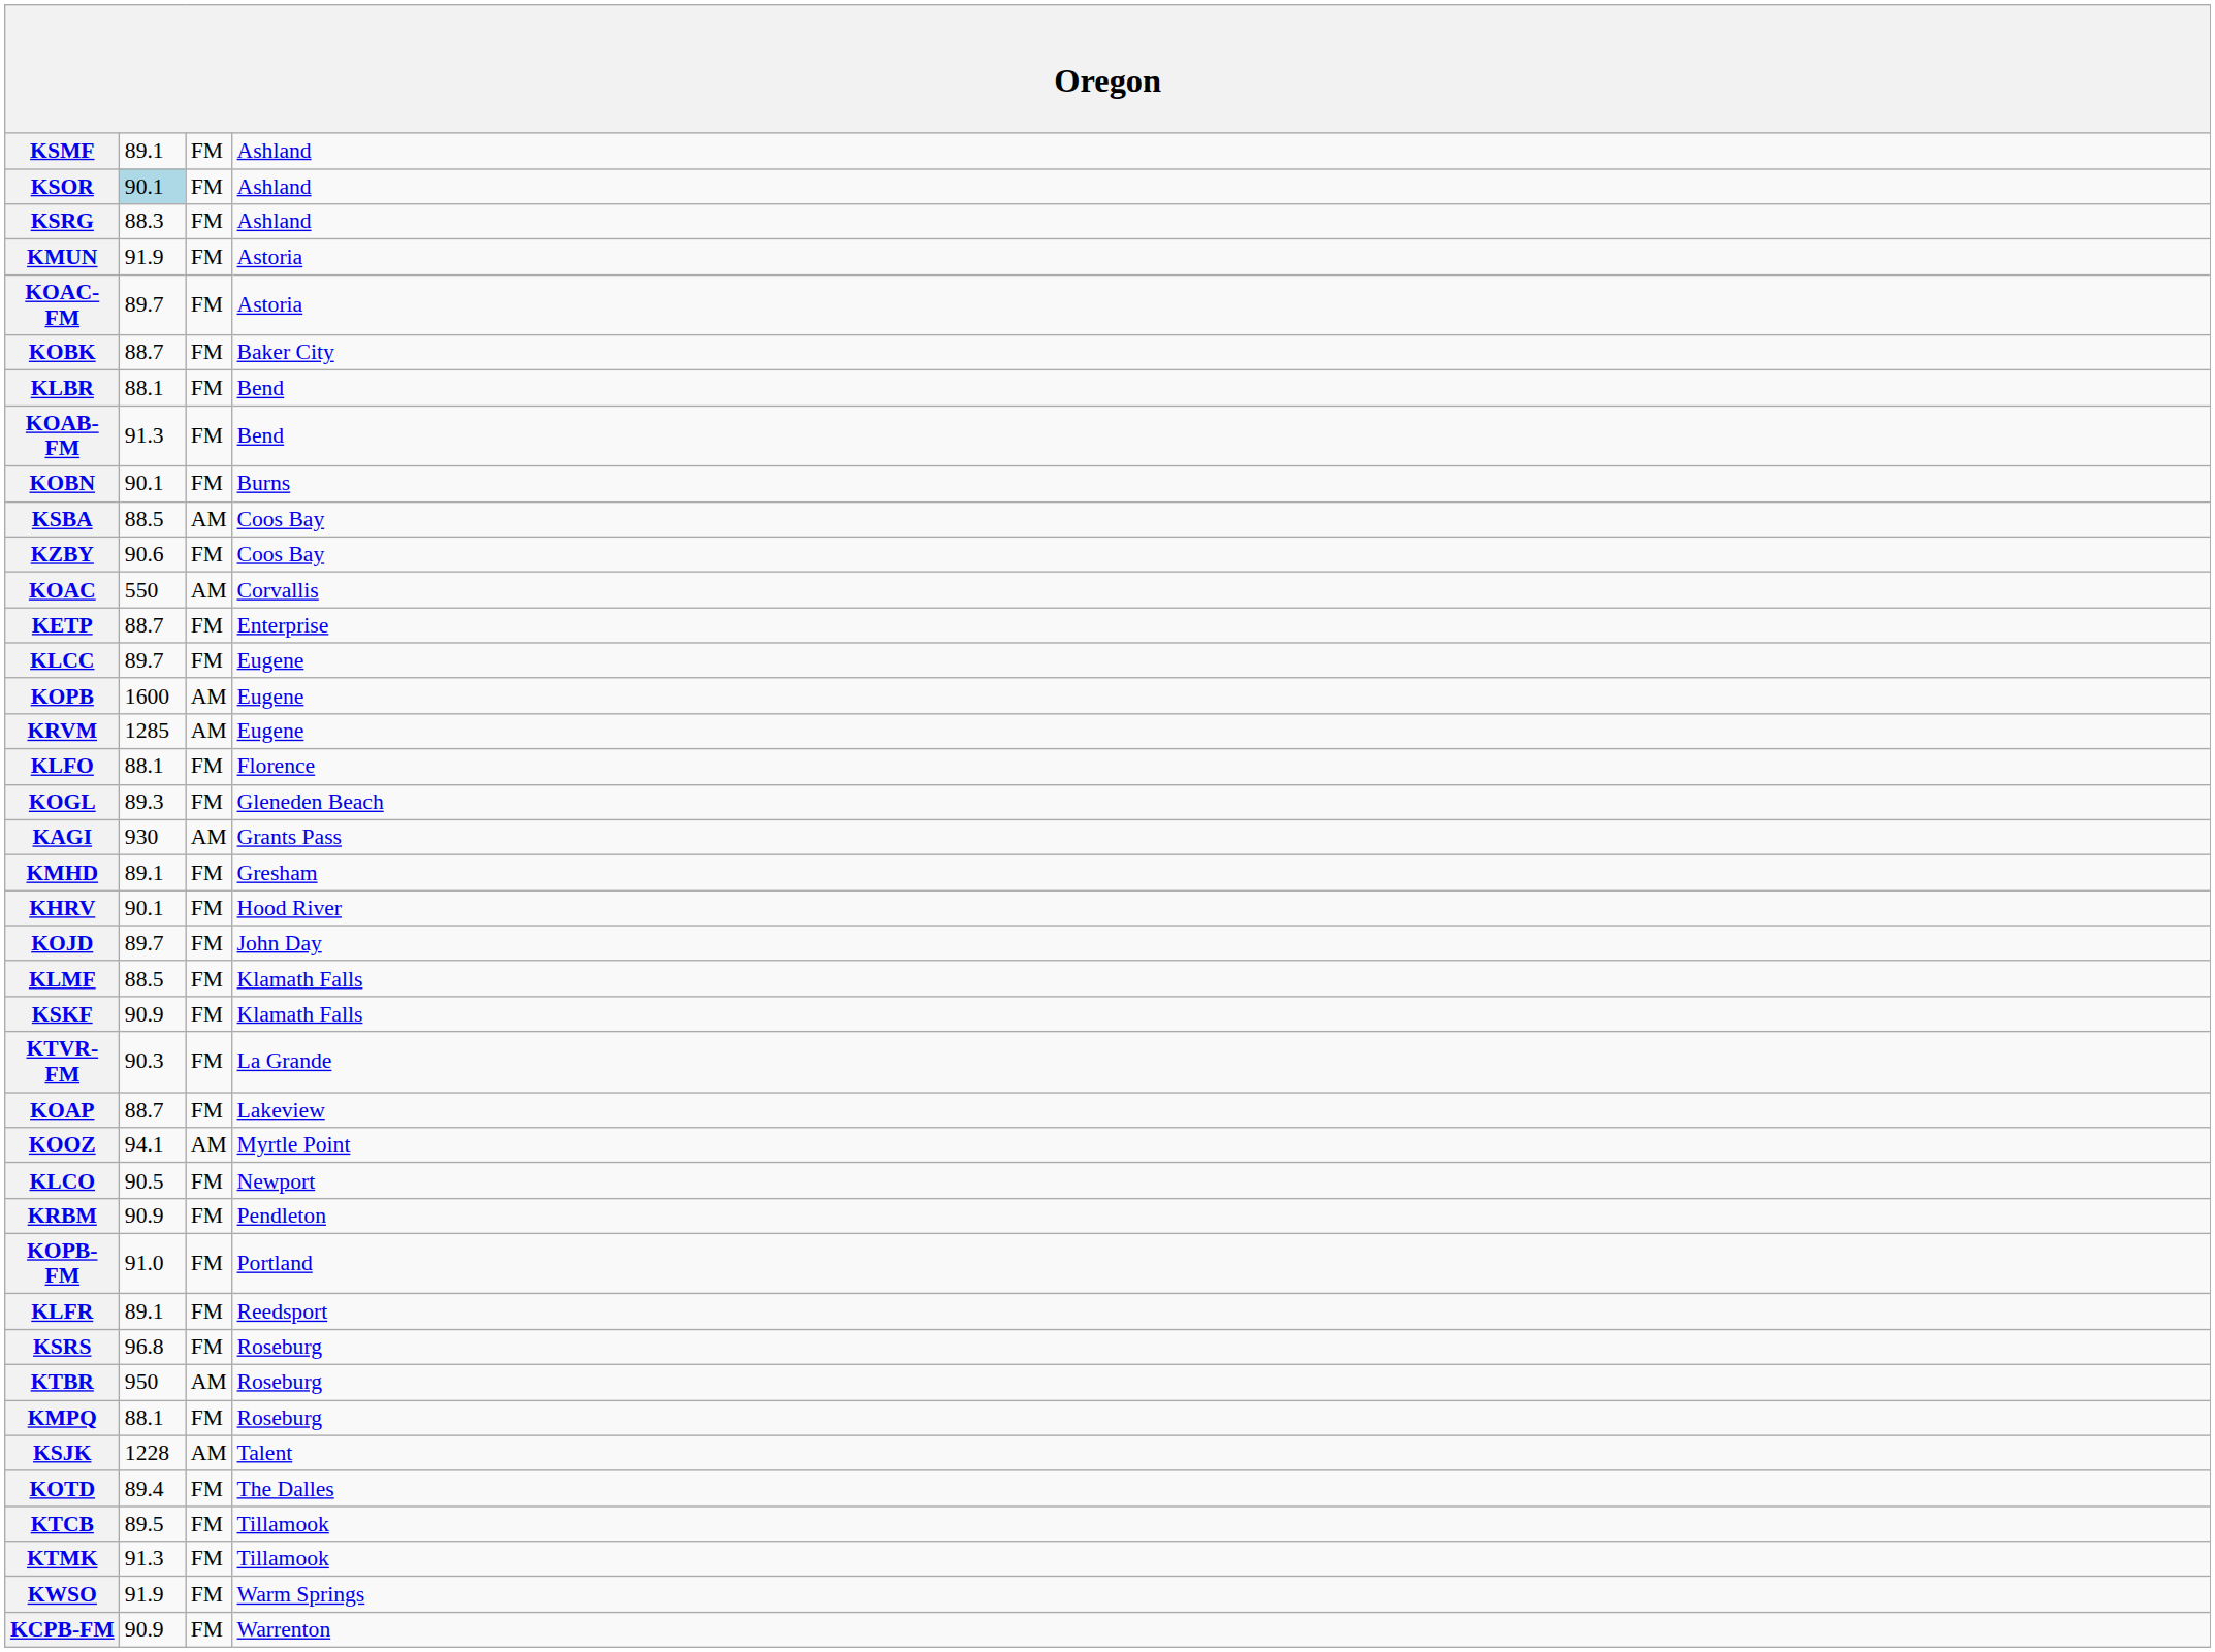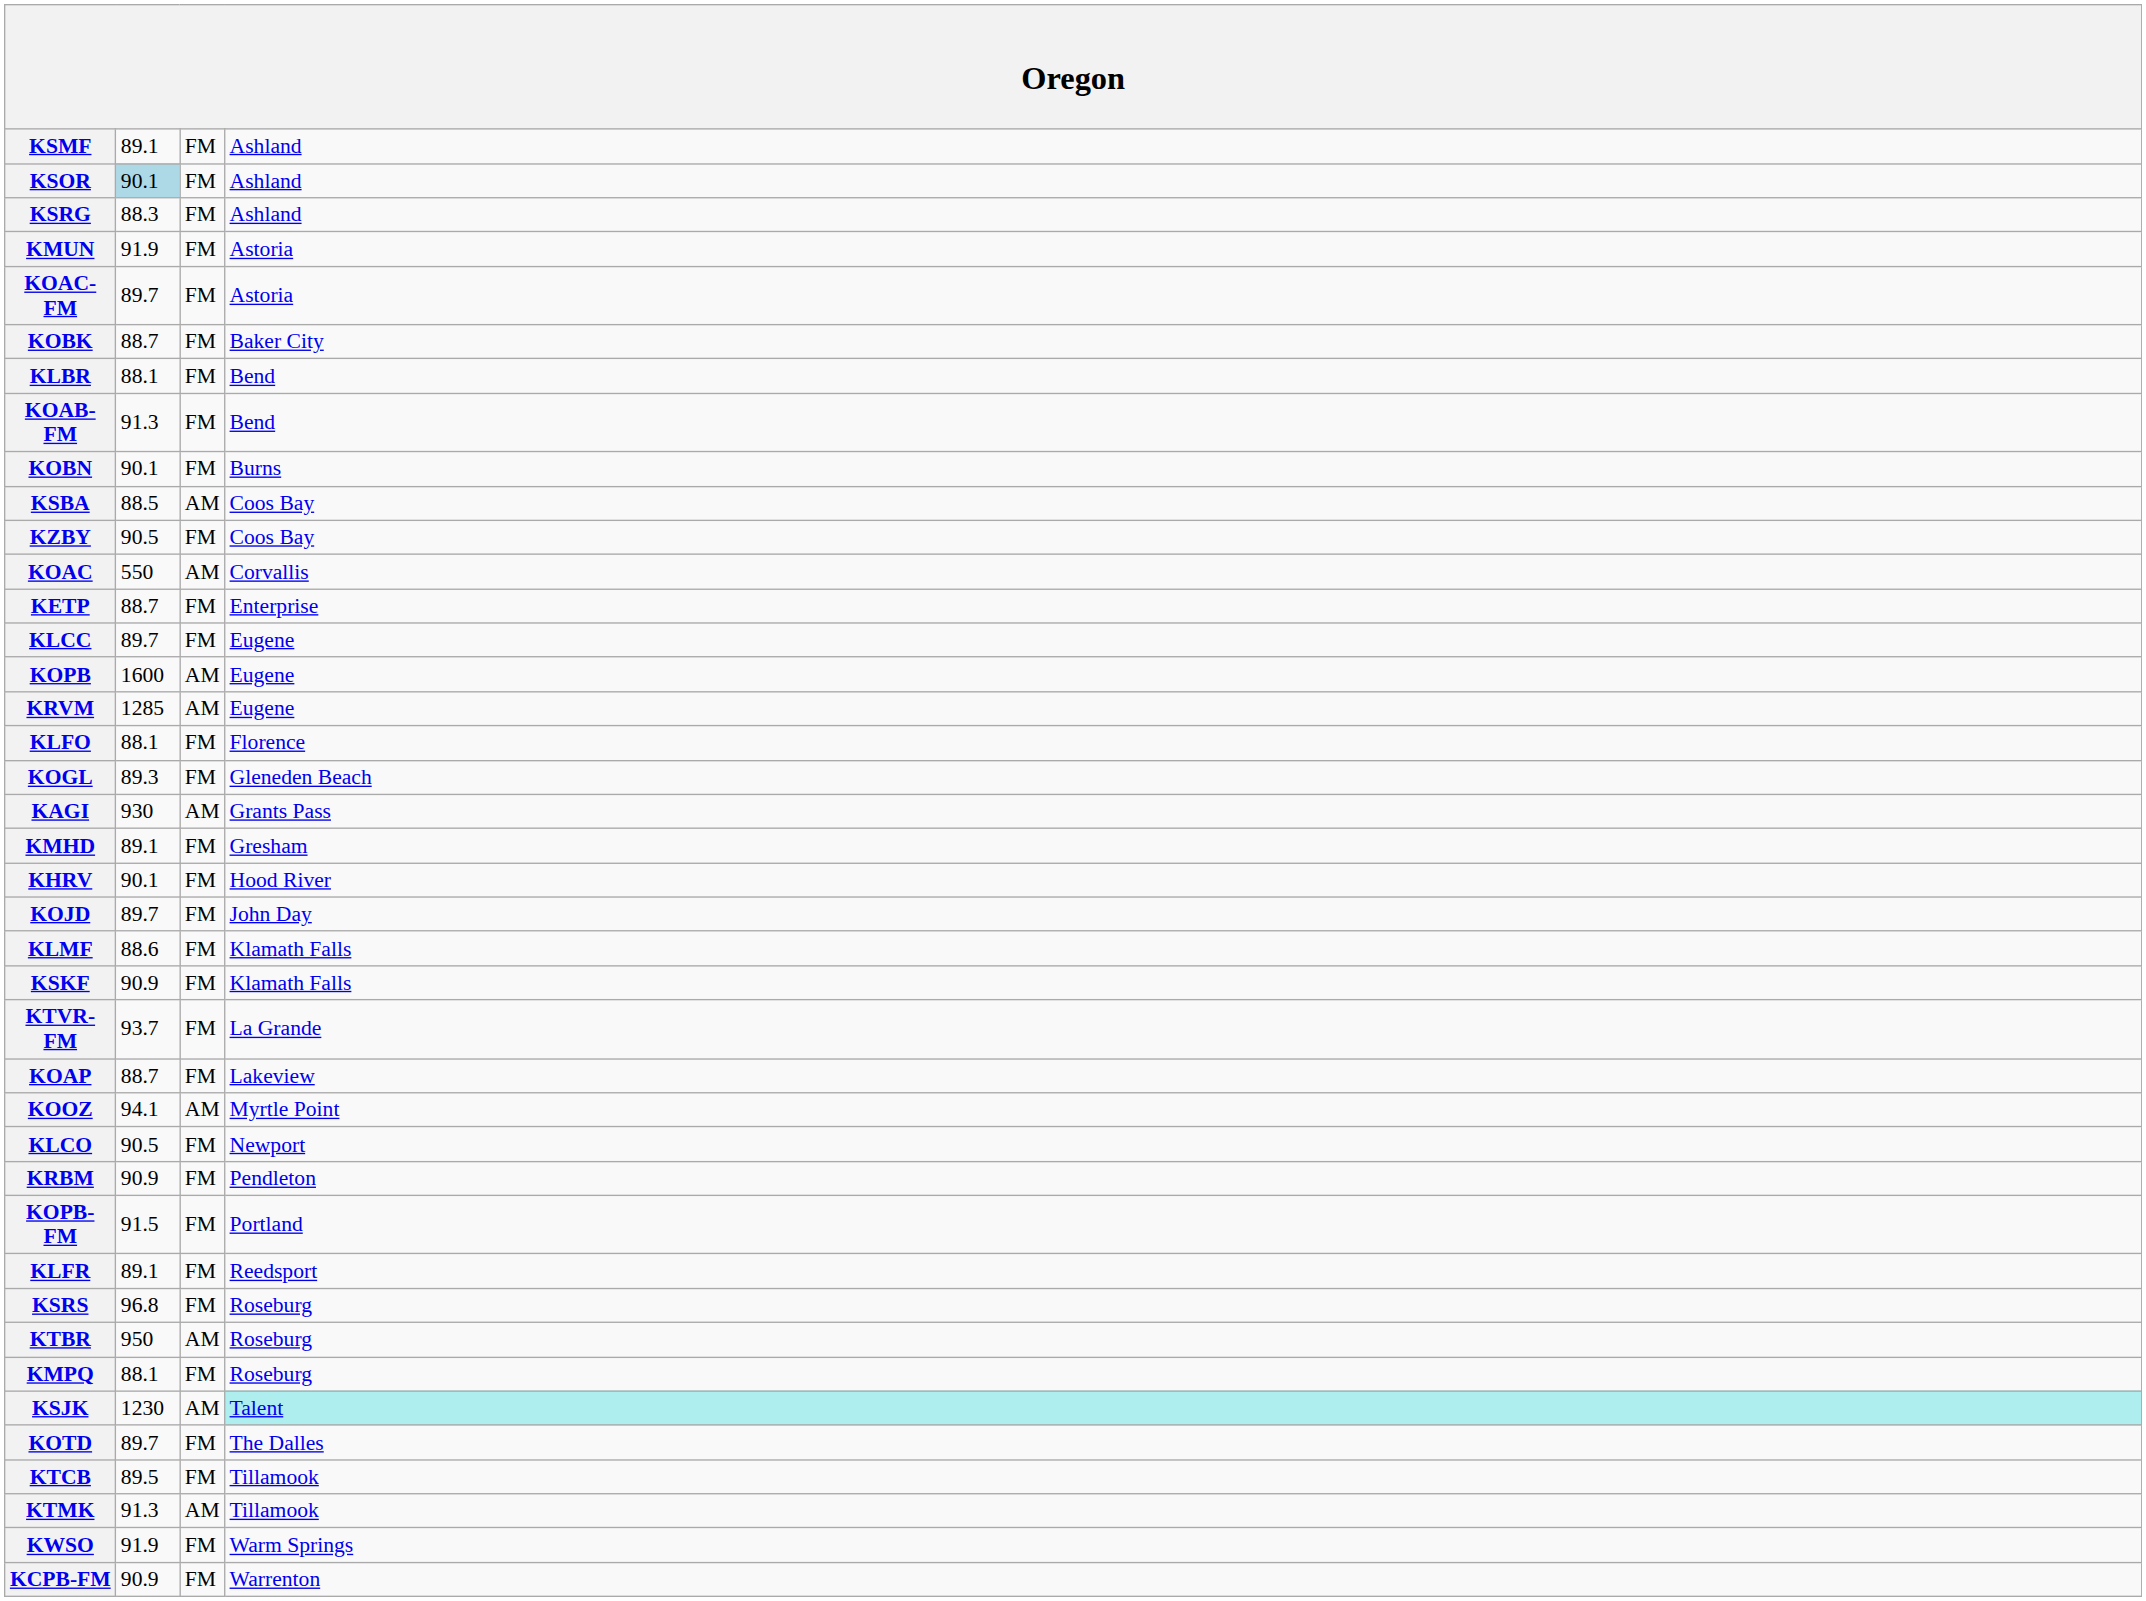 <table class="wikitable mw-collapsible" style="width:100%">
 <tr>
 <th scope="col" colspan="4"><br><h2>Oregon</h2></th>
 </tr>
 <tr>
 <th scope="row" style="width: 75px;"><a href='#'>KSMF</a></th>
 <td style="width: 40px;">89.1</td>
 <td style="width: 21px;">FM</td>
 <td><a href='#'>Ashland</a></td>
 </tr>
 <tr>
 <th scope="row"><a href='#'>KSOR</a></th>
 <td style="background: lightblue;">90.1</td>
 <td>FM</td>
 <td><a href='#'>Ashland</a></td>
 </tr>
 <tr>
 <th scope="row"><a href='#'>KSRG</a></th>
 <td>88.3</td>
 <td>FM</td>
 <td><a href='#'>Ashland</a></td>
 </tr>
 <tr>
 <th scope="row"><a href='#'>KMUN</a></th>
 <td>91.9</td>
 <td>FM</td>
 <td><a href='#'>Astoria</a></td>
 </tr>
 <tr>
 <th scope="row"><a href='#'>KOAC-FM</a></th>
 <td>89.7</td>
 <td>FM</td>
 <td><a href='#'>Astoria</a></td>
 </tr>
 <tr>
 <th scope="row"><a href='#'>KOBK</a></th>
 <td>88.7</td>
 <td>FM</td>
 <td><a href='#'>Baker City</a></td>
 </tr>
 <tr>
 <th scope="row"><a href='#'>KLBR</a></th>
 <td>88.1</td>
 <td>FM</td>
 <td><a href='#'>Bend</a></td>
 </tr>
 <tr>
 <th scope="row"><a href='#'>KOAB-FM</a></th>
 <td>91.3</td>
 <td>FM</td>
 <td><a href='#'>Bend</a></td>
 </tr>
 <tr>
 <th scope="row"><a href='#'>KOBN</a></th>
 <td>90.1</td>
 <td>FM</td>
 <td><a href='#'>Burns</a></td>
 </tr>
 <tr>
 <th scope="row"><a href='#'>KSBA</a></th>
 <td>88.5</td>
 <td>AM</td>
 <td><a href='#'>Coos Bay</a></td>
 </tr>
 <tr>
 <th scope="row"><a href='#'>KZBY</a></th>
-<td>90.6</td>
+<td>90.5</td>
 <td>FM</td>
 <td><a href='#'>Coos Bay</a></td>
 </tr>
 <tr>
 <th scope="row"><a href='#'>KOAC</a></th>
 <td>550</td>
 <td>AM</td>
 <td><a href='#'>Corvallis</a></td>
 </tr>
 <tr>
 <th scope="row"><a href='#'>KETP</a></th>
 <td>88.7</td>
 <td>FM</td>
 <td><a href='#'>Enterprise</a></td>
 </tr>
 <tr>
 <th scope="row"><a href='#'>KLCC</a></th>
 <td>89.7</td>
 <td>FM</td>
 <td><a href='#'>Eugene</a></td>
 </tr>
 <tr>
 <th scope="row"><a href='#'>KOPB</a></th>
 <td>1600</td>
 <td>AM</td>
 <td><a href='#'>Eugene</a></td>
 </tr>
 <tr>
 <th scope="row"><a href='#'>KRVM</a></th>
 <td>1285</td>
 <td>AM</td>
 <td><a href='#'>Eugene</a></td>
 </tr>
 <tr>
 <th scope="row"><a href='#'>KLFO</a></th>
 <td>88.1</td>
 <td>FM</td>
 <td><a href='#'>Florence</a></td>
 </tr>
 <tr>
 <th scope="row"><a href='#'>KOGL</a></th>
 <td>89.3</td>
 <td>FM</td>
 <td><a href='#'>Gleneden Beach</a></td>
 </tr>
 <tr>
 <th scope="row"><a href='#'>KAGI</a></th>
 <td>930</td>
 <td>AM</td>
 <td><a href='#'>Grants Pass</a></td>
 </tr>
 <tr>
 <th scope="row"><a href='#'>KMHD</a></th>
 <td>89.1</td>
 <td>FM</td>
 <td><a href='#'>Gresham</a></td>
 </tr>
 <tr>
 <th scope="row"><a href='#'>KHRV</a></th>
 <td>90.1</td>
 <td>FM</td>
 <td><a href='#'>Hood River</a></td>
 </tr>
 <tr>
 <th scope="row"><a href='#'>KOJD</a></th>
 <td>89.7</td>
 <td>FM</td>
 <td><a href='#'>John Day</a></td>
 </tr>
 <tr>
 <th scope="row"><a href='#'>KLMF</a></th>
-<td>88.5</td>
+<td>88.6</td>
 <td>FM</td>
 <td><a href='#'>Klamath Falls</a></td>
 </tr>
 <tr>
 <th scope="row"><a href='#'>KSKF</a></th>
 <td>90.9</td>
 <td>FM</td>
 <td><a href='#'>Klamath Falls</a></td>
 </tr>
 <tr>
 <th scope="row"><a href='#'>KTVR-FM</a></th>
-<td>90.3</td>
+<td>93.7</td>
 <td>FM</td>
 <td><a href='#'>La Grande</a></td>
 </tr>
 <tr>
 <th scope="row"><a href='#'>KOAP</a></th>
 <td>88.7</td>
 <td>FM</td>
 <td><a href='#'>Lakeview</a></td>
 </tr>
 <tr>
 <th scope="row"><a href='#'>KOOZ</a></th>
 <td>94.1</td>
 <td>AM</td>
 <td><a href='#'>Myrtle Point</a></td>
 </tr>
 <tr>
 <th scope="row"><a href='#'>KLCO</a></th>
 <td>90.5</td>
 <td>FM</td>
 <td><a href='#'>Newport</a></td>
 </tr>
 <tr>
 <th scope="row"><a href='#'>KRBM</a></th>
 <td>90.9</td>
 <td>FM</td>
 <td><a href='#'>Pendleton</a></td>
 </tr>
 <tr>
 <th scope="row"><a href='#'>KOPB-FM</a></th>
-<td>91.0</td>
+<td>91.5</td>
 <td>FM</td>
 <td><a href='#'>Portland</a></td>
 </tr>
 <tr>
 <th scope="row"><a href='#'>KLFR</a></th>
 <td>89.1</td>
 <td>FM</td>
 <td><a href='#'>Reedsport</a></td>
 </tr>
 <tr>
 <th scope="row"><a href='#'>KSRS</a></th>
 <td>96.8</td>
 <td>FM</td>
 <td><a href='#'>Roseburg</a></td>
 </tr>
 <tr>
 <th scope="row"><a href='#'>KTBR</a></th>
 <td>950</td>
 <td>AM</td>
 <td><a href='#'>Roseburg</a></td>
 </tr>
 <tr>
 <th scope="row"><a href='#'>KMPQ</a></th>
 <td>88.1</td>
 <td>FM</td>
 <td><a href='#'>Roseburg</a></td>
 </tr>
 <tr>
 <th scope="row"><a href='#'>KSJK</a></th>
-<td>1228</td>
+<td>1230</td>
 <td>AM</td>
-<td><a href='#'>Talent</a></td>
+<td style="background: paleturquoise;"><a href='#'>Talent</a></td>
 </tr>
 <tr>
 <th scope="row"><a href='#'>KOTD</a></th>
-<td>89.4</td>
+<td>89.7</td>
 <td>FM</td>
 <td><a href='#'>The Dalles</a></td>
 </tr>
 <tr>
 <th scope="row"><a href='#'>KTCB</a></th>
 <td>89.5</td>
 <td>FM</td>
 <td><a href='#'>Tillamook</a></td>
 </tr>
 <tr>
 <th scope="row"><a href='#'>KTMK</a></th>
 <td>91.3</td>
-<td>FM</td>
+<td>AM</td>
 <td><a href='#'>Tillamook</a></td>
 </tr>
 <tr>
 <th scope="row"><a href='#'>KWSO</a></th>
 <td>91.9</td>
 <td>FM</td>
 <td><a href='#'>Warm Springs</a></td>
 </tr>
 <tr>
 <th scope="row"><a href='#'>KCPB-FM</a></th>
 <td>90.9</td>
 <td>FM</td>
 <td><a href='#'>Warrenton</a></td>
 </tr>
 </table>
